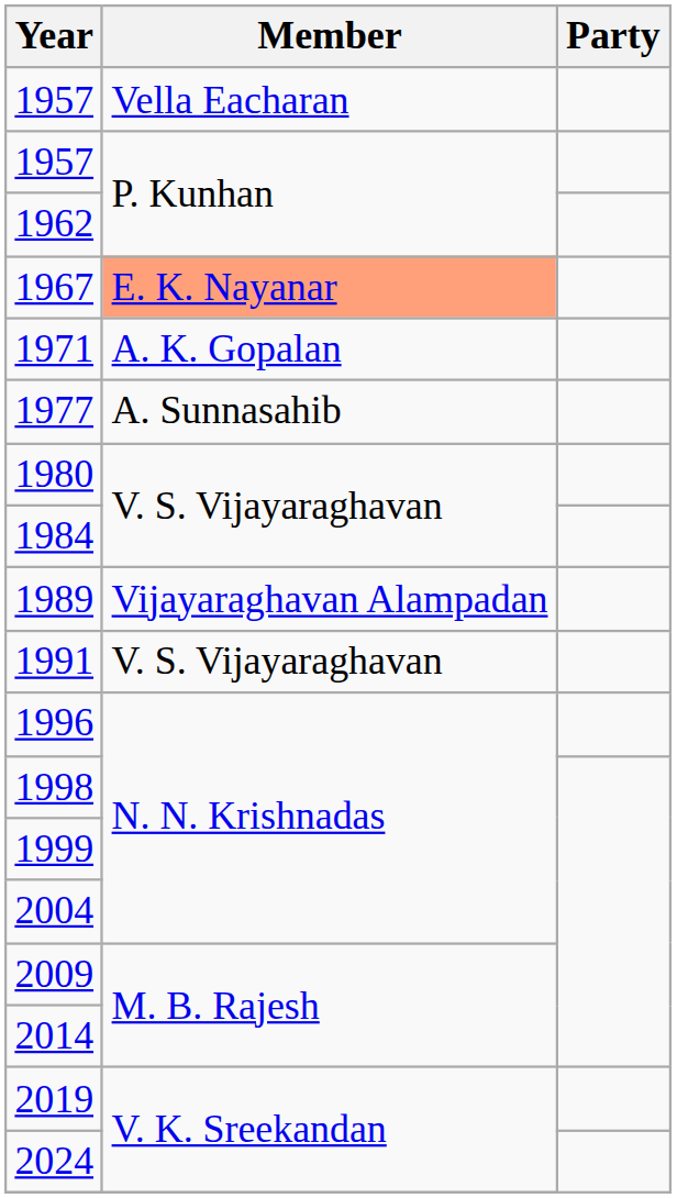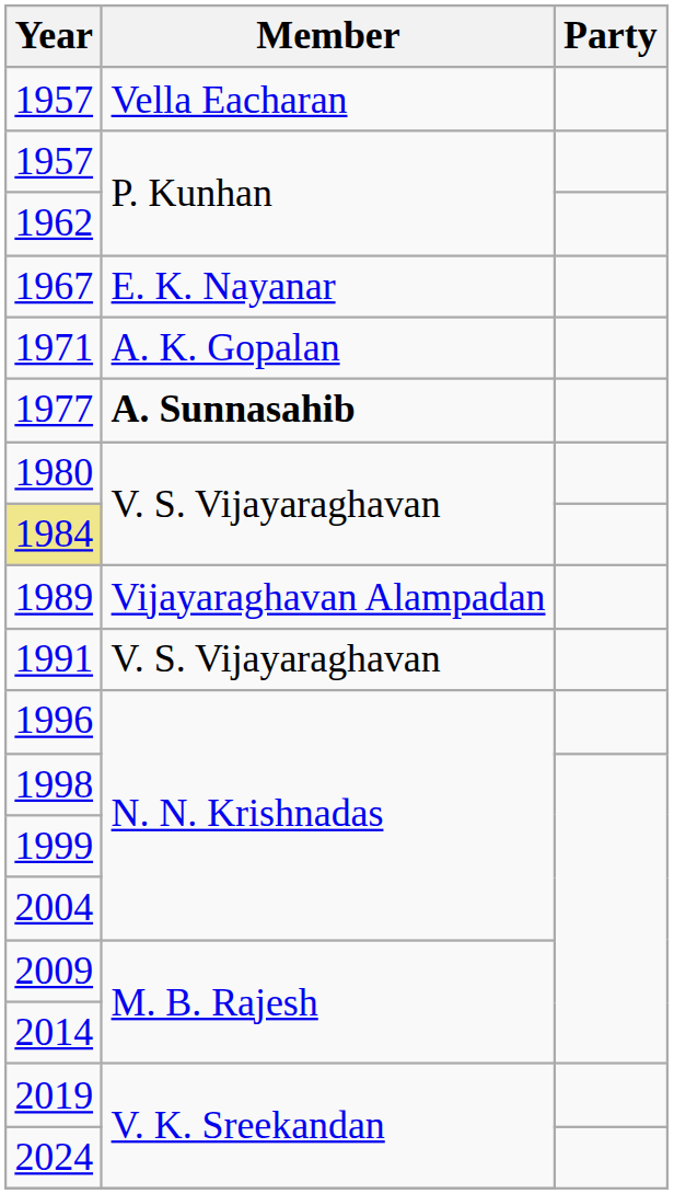 <table class="wikitable sortable">
 <tr>
 <th>Year</th>
 <th>Member</th>
 <th colspan="2">Party</th>
 </tr>
 <tr>
 <td><a href='#'>1957</a></td>
 <td><a href='#'>Vella Eacharan</a></td>
 <td></td>
 </tr>
 <tr>
 <td><a href='#'>1957</a></td>
 <td rowspan="2">P. Kunhan</td>
 <td></td>
 </tr>
 <tr>
 <td><a href='#'>1962</a></td>
 </tr>
 <tr>
 <td><a href='#'>1967</a></td>
-<td style="background: lightsalmon;"><a href='#'>E. K. Nayanar</a></td>
+<td><a href='#'>E. K. Nayanar</a></td>
 <td></td>
 </tr>
 <tr>
 <td><a href='#'>1971</a></td>
 <td><a href='#'>A. K. Gopalan</a></td>
 </tr>
 <tr>
 <td><a href='#'>1977</a></td>
-<td>A. Sunnasahib</td>
+<td><strong>A. Sunnasahib</strong></td>
 <td></td>
 </tr>
 <tr>
 <td><a href='#'>1980</a></td>
 <td rowspan="2">V. S. Vijayaraghavan</td>
 <td></td>
 </tr>
 <tr>
-<td><a href='#'>1984</a></td>
+<td style="background: khaki;"><a href='#'>1984</a></td>
 <td></td>
 </tr>
 <tr>
 <td><a href='#'>1989</a></td>
 <td><a href='#'>Vijayaraghavan Alampadan</a></td>
 <td></td>
 </tr>
 <tr>
 <td><a href='#'>1991</a></td>
 <td>V. S. Vijayaraghavan</td>
 <td></td>
 </tr>
 <tr>
 <td><a href='#'>1996</a></td>
 <td rowspan="4"><a href='#'>N. N. Krishnadas</a></td>
 <td></td>
 </tr>
 <tr>
 <td><a href='#'>1998</a></td>
 </tr>
 <tr>
 <td><a href='#'>1999</a></td>
 </tr>
 <tr>
 <td><a href='#'>2004</a></td>
 </tr>
 <tr>
 <td><a href='#'>2009</a></td>
 <td rowspan="2"><a href='#'>M. B. Rajesh</a></td>
 </tr>
 <tr>
 <td><a href='#'>2014</a></td>
 </tr>
 <tr>
 <td><a href='#'>2019</a></td>
 <td rowspan=2><a href='#'>V. K. Sreekandan</a></td>
 <td></td>
 </tr>
 <tr>
 <td><a href='#'>2024</a></td>
 </tr>
 <tr>
 </tr>
 </table>
